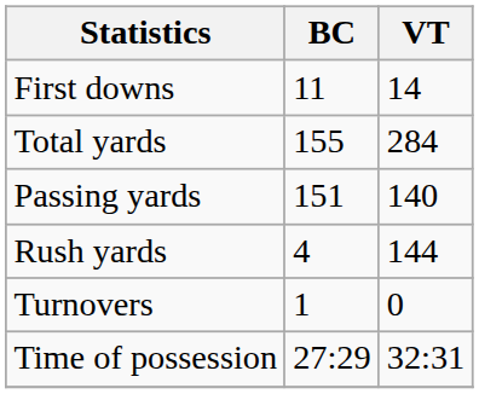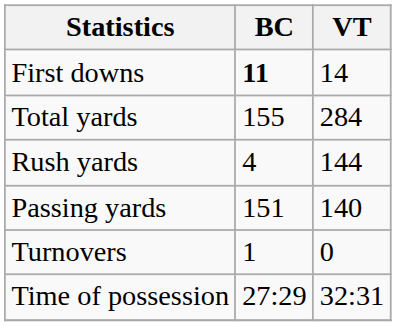 <table class="wikitable" style="float: left;">
 <tr>
 <th>Statistics</th>
 <th>BC</th>
 <th>VT</th>
 </tr>
 <tr>
 <td>First downs</td>
-<td>11</td>
+<td><strong>11</strong></td>
 <td>14</td>
 </tr>
 <tr>
 <td>Total yards</td>
 <td>155</td>
 <td>284</td>
 </tr>
 <tr>
+<td>Rush yards</td>
+<td>4</td>
+<td>144</td>
+</tr>
+<tr>
 <td>Passing yards</td>
 <td>151</td>
 <td>140</td>
-</tr>
-<tr>
-<td>Rush yards</td>
-<td>4</td>
-<td>144</td>
 </tr>
 <tr>
 <td>Turnovers</td>
 <td>1</td>
 <td>0</td>
 </tr>
 <tr>
 <td>Time of possession</td>
 <td>27:29</td>
 <td>32:31</td>
 </tr>
 <tr>
 </tr>
 </table>
